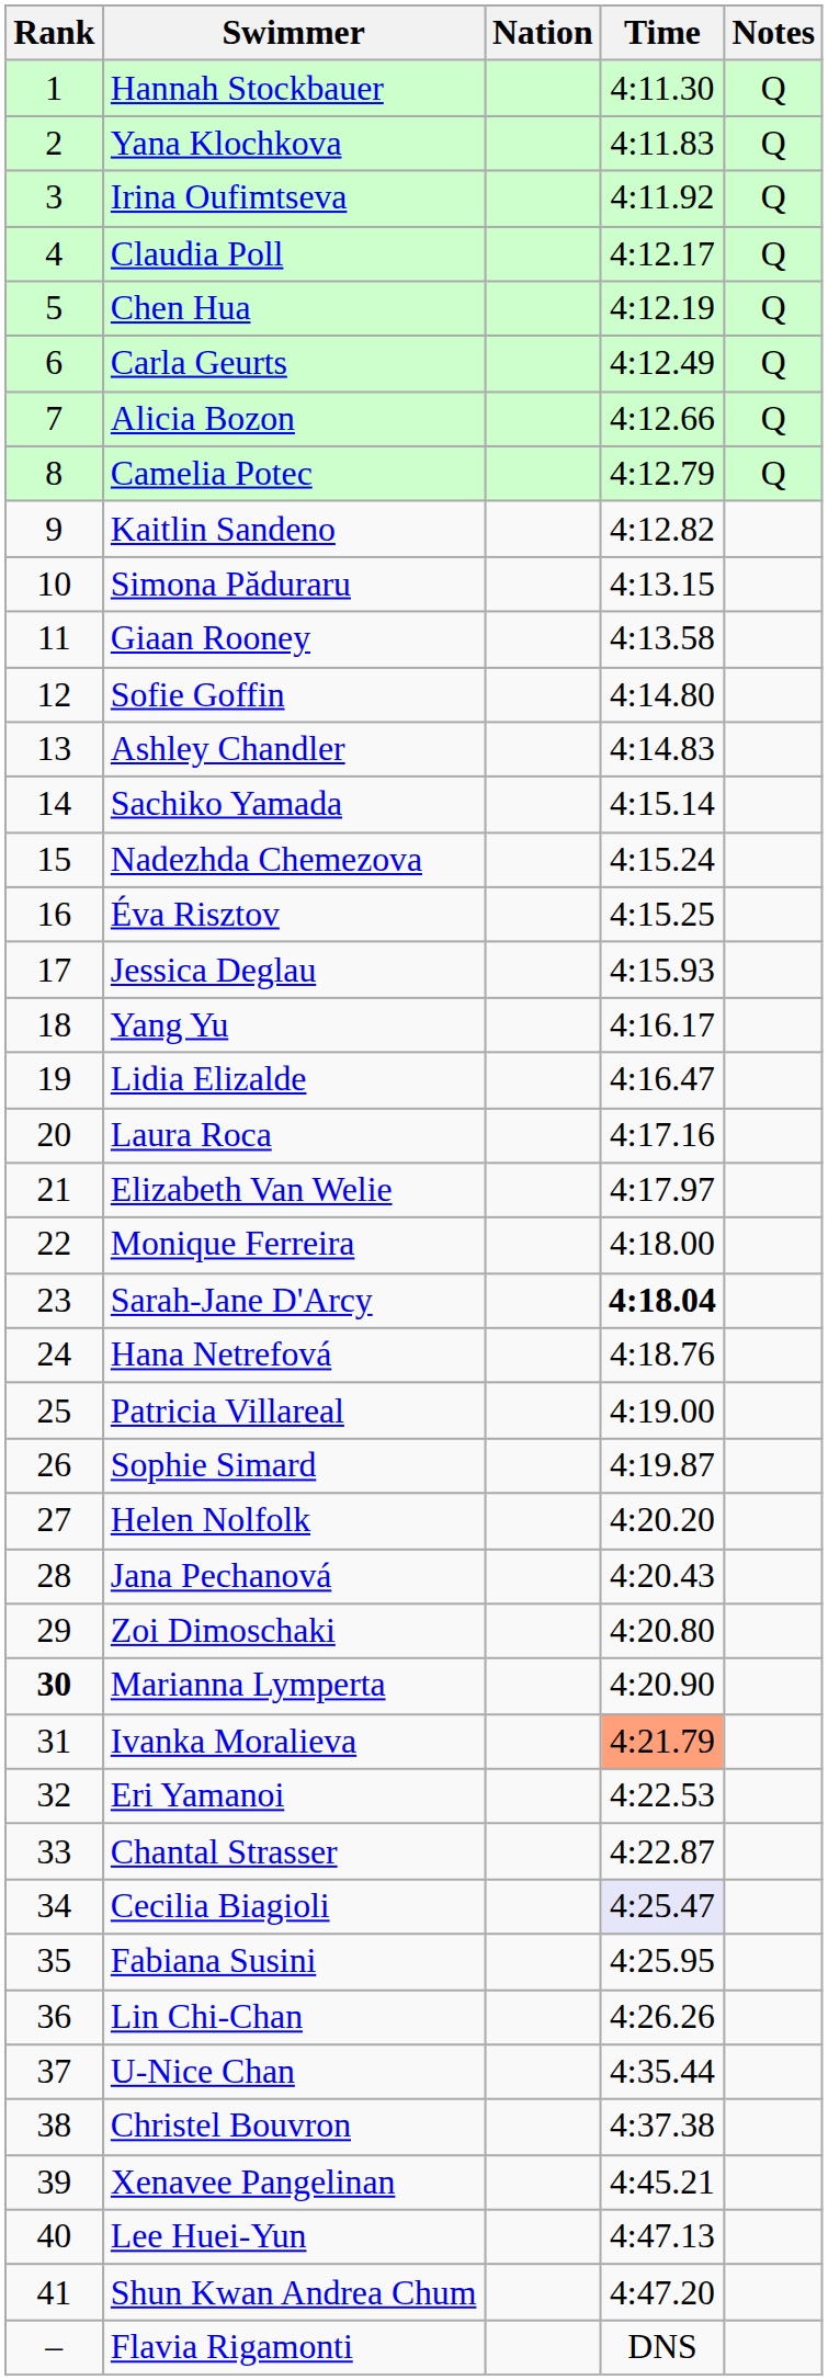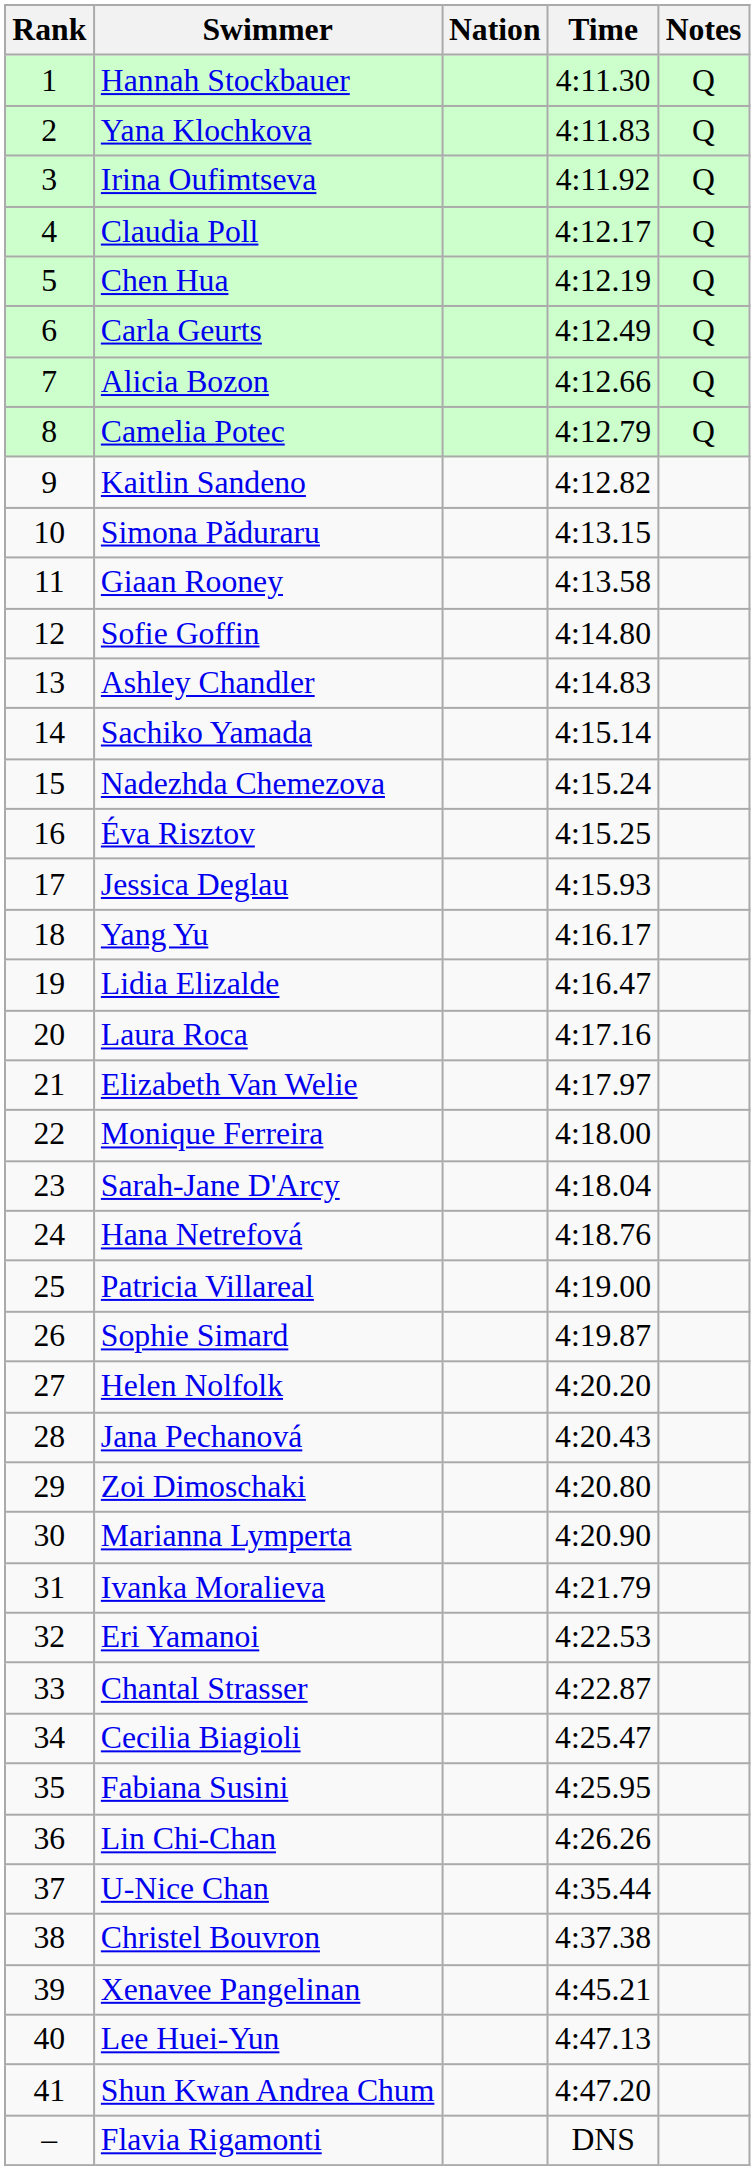 <table class="wikitable sortable" style="text-align:center">
 <tr>
 <th>Rank</th>
 <th>Swimmer</th>
 <th>Nation</th>
 <th>Time</th>
 <th>Notes</th>
 </tr>
 <tr bgcolor=ccffcc>
 <td>1</td>
 <td align=left><a href='#'>Hannah Stockbauer</a></td>
 <td align=left></td>
 <td>4:11.30</td>
 <td>Q</td>
 </tr>
 <tr bgcolor=ccffcc>
 <td>2</td>
 <td align=left><a href='#'>Yana Klochkova</a></td>
 <td align=left></td>
 <td>4:11.83</td>
 <td>Q</td>
 </tr>
 <tr bgcolor=ccffcc>
 <td>3</td>
 <td align=left><a href='#'>Irina Oufimtseva</a></td>
 <td align=left></td>
 <td>4:11.92</td>
 <td>Q</td>
 </tr>
 <tr bgcolor=ccffcc>
 <td>4</td>
 <td align=left><a href='#'>Claudia Poll</a></td>
 <td align=left></td>
 <td>4:12.17</td>
 <td>Q</td>
 </tr>
 <tr bgcolor=ccffcc>
 <td>5</td>
 <td align=left><a href='#'>Chen Hua</a></td>
 <td align=left></td>
 <td>4:12.19</td>
 <td>Q</td>
 </tr>
 <tr bgcolor=ccffcc>
 <td>6</td>
 <td align=left><a href='#'>Carla Geurts</a></td>
 <td align=left></td>
 <td>4:12.49</td>
 <td>Q</td>
 </tr>
 <tr bgcolor=ccffcc>
 <td>7</td>
 <td align=left><a href='#'>Alicia Bozon</a></td>
 <td align=left></td>
 <td>4:12.66</td>
 <td>Q</td>
 </tr>
 <tr bgcolor=ccffcc>
 <td>8</td>
 <td align=left><a href='#'>Camelia Potec</a></td>
 <td align=left></td>
 <td>4:12.79</td>
 <td>Q</td>
 </tr>
 <tr>
 <td>9</td>
 <td align=left><a href='#'>Kaitlin Sandeno</a></td>
 <td align=left></td>
 <td>4:12.82</td>
 <td></td>
 </tr>
 <tr>
 <td>10</td>
 <td align=left><a href='#'>Simona Păduraru</a></td>
 <td align=left></td>
 <td>4:13.15</td>
 <td></td>
 </tr>
 <tr>
 <td>11</td>
 <td align=left><a href='#'>Giaan Rooney</a></td>
 <td align=left></td>
 <td>4:13.58</td>
 <td></td>
 </tr>
 <tr>
 <td>12</td>
 <td align=left><a href='#'>Sofie Goffin</a></td>
 <td align=left></td>
 <td>4:14.80</td>
 <td></td>
 </tr>
 <tr>
 <td>13</td>
 <td align=left><a href='#'>Ashley Chandler</a></td>
 <td align=left></td>
 <td>4:14.83</td>
 <td></td>
 </tr>
 <tr>
 <td>14</td>
 <td align=left><a href='#'>Sachiko Yamada</a></td>
 <td align=left></td>
 <td>4:15.14</td>
 <td></td>
 </tr>
 <tr>
 <td>15</td>
 <td align=left><a href='#'>Nadezhda Chemezova</a></td>
 <td align=left></td>
 <td>4:15.24</td>
 <td></td>
 </tr>
 <tr>
 <td>16</td>
 <td align=left><a href='#'>Éva Risztov</a></td>
 <td align=left></td>
 <td>4:15.25</td>
 <td></td>
 </tr>
 <tr>
 <td>17</td>
 <td align=left><a href='#'>Jessica Deglau</a></td>
 <td align=left></td>
 <td>4:15.93</td>
 <td></td>
 </tr>
 <tr>
 <td>18</td>
 <td align=left><a href='#'>Yang Yu</a></td>
 <td align=left></td>
 <td>4:16.17</td>
 <td></td>
 </tr>
 <tr>
 <td>19</td>
 <td align=left><a href='#'>Lidia Elizalde</a></td>
 <td align=left></td>
 <td>4:16.47</td>
 <td></td>
 </tr>
 <tr>
 <td>20</td>
 <td align=left><a href='#'>Laura Roca</a></td>
 <td align=left></td>
 <td>4:17.16</td>
 <td></td>
 </tr>
 <tr>
 <td>21</td>
 <td align=left><a href='#'>Elizabeth Van Welie</a></td>
 <td align=left></td>
 <td>4:17.97</td>
 <td></td>
 </tr>
 <tr>
 <td>22</td>
 <td align=left><a href='#'>Monique Ferreira</a></td>
 <td align=left></td>
 <td>4:18.00</td>
 <td></td>
 </tr>
 <tr>
 <td>23</td>
 <td align=left><a href='#'>Sarah-Jane D'Arcy</a></td>
 <td align=left></td>
-<td><strong>4:18.04</strong></td>
+<td>4:18.04</td>
 <td></td>
 </tr>
 <tr>
 <td>24</td>
 <td align=left><a href='#'>Hana Netrefová</a></td>
 <td align=left></td>
 <td>4:18.76</td>
 <td></td>
 </tr>
 <tr>
 <td>25</td>
 <td align=left><a href='#'>Patricia Villareal</a></td>
 <td align=left></td>
 <td>4:19.00</td>
 <td></td>
 </tr>
 <tr>
 <td>26</td>
 <td align=left><a href='#'>Sophie Simard</a></td>
 <td align=left></td>
 <td>4:19.87</td>
 <td></td>
 </tr>
 <tr>
 <td>27</td>
 <td align=left><a href='#'>Helen Nolfolk</a></td>
 <td align=left></td>
 <td>4:20.20</td>
 <td></td>
 </tr>
 <tr>
 <td>28</td>
 <td align=left><a href='#'>Jana Pechanová</a></td>
 <td align=left></td>
 <td>4:20.43</td>
 <td></td>
 </tr>
 <tr>
 <td>29</td>
 <td align=left><a href='#'>Zoi Dimoschaki</a></td>
 <td align=left></td>
 <td>4:20.80</td>
 <td></td>
 </tr>
 <tr>
-<td><strong>30</strong></td>
+<td>30</td>
 <td align=left><a href='#'>Marianna Lymperta</a></td>
 <td align=left></td>
 <td>4:20.90</td>
 <td></td>
 </tr>
 <tr>
 <td>31</td>
 <td align=left><a href='#'>Ivanka Moralieva</a></td>
 <td align=left></td>
-<td style="background: lightsalmon;">4:21.79</td>
+<td>4:21.79</td>
 <td></td>
 </tr>
 <tr>
 <td>32</td>
 <td align=left><a href='#'>Eri Yamanoi</a></td>
 <td align=left></td>
 <td>4:22.53</td>
 <td></td>
 </tr>
 <tr>
 <td>33</td>
 <td align=left><a href='#'>Chantal Strasser</a></td>
 <td align=left></td>
 <td>4:22.87</td>
 <td></td>
 </tr>
 <tr>
 <td>34</td>
 <td align=left><a href='#'>Cecilia Biagioli</a></td>
 <td align=left></td>
-<td style="background: lavender;">4:25.47</td>
+<td>4:25.47</td>
 <td></td>
 </tr>
 <tr>
 <td>35</td>
 <td align=left><a href='#'>Fabiana Susini</a></td>
 <td align=left></td>
 <td>4:25.95</td>
 <td></td>
 </tr>
 <tr>
 <td>36</td>
 <td align=left><a href='#'>Lin Chi-Chan</a></td>
 <td align=left></td>
 <td>4:26.26</td>
 <td></td>
 </tr>
 <tr>
 <td>37</td>
 <td align=left><a href='#'>U-Nice Chan</a></td>
 <td align=left></td>
 <td>4:35.44</td>
 <td></td>
 </tr>
 <tr>
 <td>38</td>
 <td align=left><a href='#'>Christel Bouvron</a></td>
 <td align=left></td>
 <td>4:37.38</td>
 <td></td>
 </tr>
 <tr>
 <td>39</td>
 <td align=left><a href='#'>Xenavee Pangelinan</a></td>
 <td align=left></td>
 <td>4:45.21</td>
 <td></td>
 </tr>
 <tr>
 <td>40</td>
 <td align=left><a href='#'>Lee Huei-Yun</a></td>
 <td align=left></td>
 <td>4:47.13</td>
 <td></td>
 </tr>
 <tr>
 <td>41</td>
 <td align=left><a href='#'>Shun Kwan Andrea Chum</a></td>
 <td align=left></td>
 <td>4:47.20</td>
 <td></td>
 </tr>
 <tr>
 <td>–</td>
 <td align=left><a href='#'>Flavia Rigamonti</a></td>
 <td align=left></td>
 <td>DNS</td>
 <td></td>
 </tr>
 </table>
